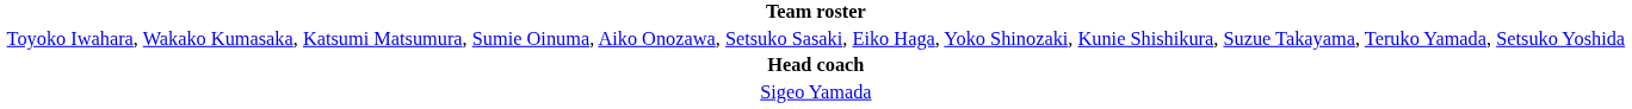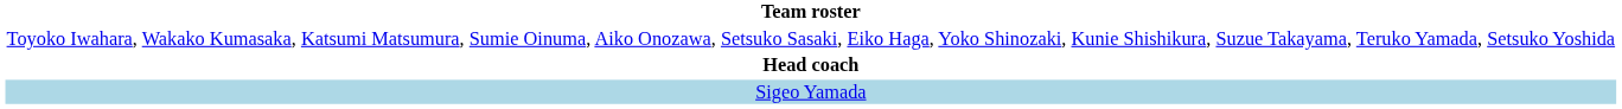 <table style="text-align: center; margin-top: 2em; margin-left: auto; margin-right: auto">
 <tr>
 <td><strong>Team roster</strong></td>
 </tr>
 <tr>
 <td><a href='#'>Toyoko Iwahara</a>, <a href='#'>Wakako Kumasaka</a>, <a href='#'>Katsumi Matsumura</a>, <a href='#'>Sumie Oinuma</a>, <a href='#'>Aiko Onozawa</a>, <a href='#'>Setsuko Sasaki</a>, <a href='#'>Eiko Haga</a>, <a href='#'>Yoko Shinozaki</a>, <a href='#'>Kunie Shishikura</a>, <a href='#'>Suzue Takayama</a>, <a href='#'>Teruko Yamada</a>, <a href='#'>Setsuko Yoshida</a></td>
 </tr>
 <tr>
 <td><strong>Head coach</strong></td>
 </tr>
 <tr>
-<td><a href='#'>Sigeo Yamada</a></td>
+<td style="background: lightblue;"><a href='#'>Sigeo Yamada</a></td>
 </tr>
 <tr>
 </tr>
 </table>
